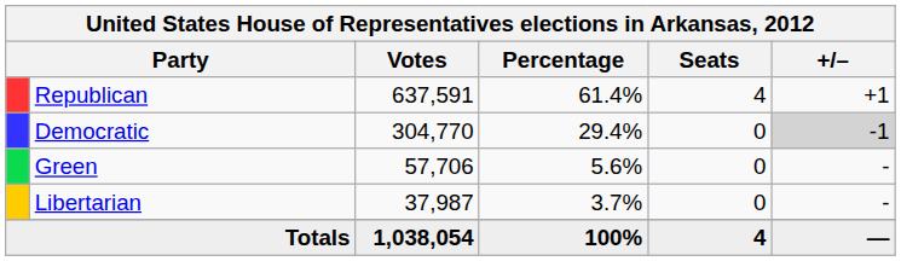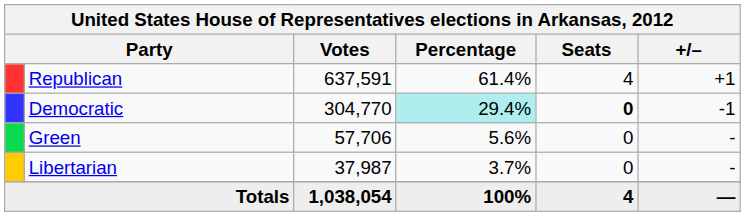 <table class="wikitable" style="font-size: 95%;">
 <tr>
 <th colspan="6">United States House of Representatives elections in Arkansas, 2012</th>
 </tr>
 <tr>
 <th colspan=2 style="width: 15em">Party</th>
 <th style="width: 5em">Votes</th>
 <th style="width: 7em">Percentage</th>
 <th style="width: 5em">Seats</th>
 <th style="width: 5em">+/–</th>
 </tr>
 <tr>
 <th style="background-color:#FF3333; width: 3px"></th>
 <td style="width: 130px"><a href='#'>Republican</a></td>
 <td align="right">637,591</td>
 <td align="right">61.4%</td>
 <td align="right">4</td>
 <td align="right">+1</td>
 </tr>
 <tr>
 <th style="background-color:#3333FF; width: 3px"></th>
 <td style="width: 130px"><a href='#'>Democratic</a></td>
 <td align="right">304,770</td>
-<td align="right">29.4%</td>
-<td align="right">0</td>
-<td align="right" style="background: lightgrey;">-1</td>
+<td align="right" style="background: paleturquoise;">29.4%</td>
+<td align="right"><strong>0</strong></td>
+<td align="right">-1</td>
 </tr>
 <tr>
 <th style="background-color:#0BDA51; width: 3px"></th>
 <td style="width: 130px"><a href='#'>Green</a></td>
 <td align="right">57,706</td>
 <td align="right">5.6%</td>
 <td align="right">0</td>
 <td align="right">-</td>
 </tr>
 <tr>
 <th style="background-color:#FFCC00; width: 3px"></th>
 <td style="width: 130px"><a href='#'>Libertarian</a></td>
 <td align="right">37,987</td>
 <td align="right">3.7%</td>
 <td align="right">0</td>
 <td align="right">-</td>
 </tr>
 <tr>
 </tr>
 <tr bgcolor="#EEEEEE">
 <td colspan="2" align="right"><strong>Totals</strong></td>
 <td align="right"><strong>1,038,054</strong></td>
 <td align="right"><strong>100%</strong></td>
 <td align="right"><strong>4</strong></td>
 <td align="right"><strong>—</strong></td>
 </tr>
 </table>
